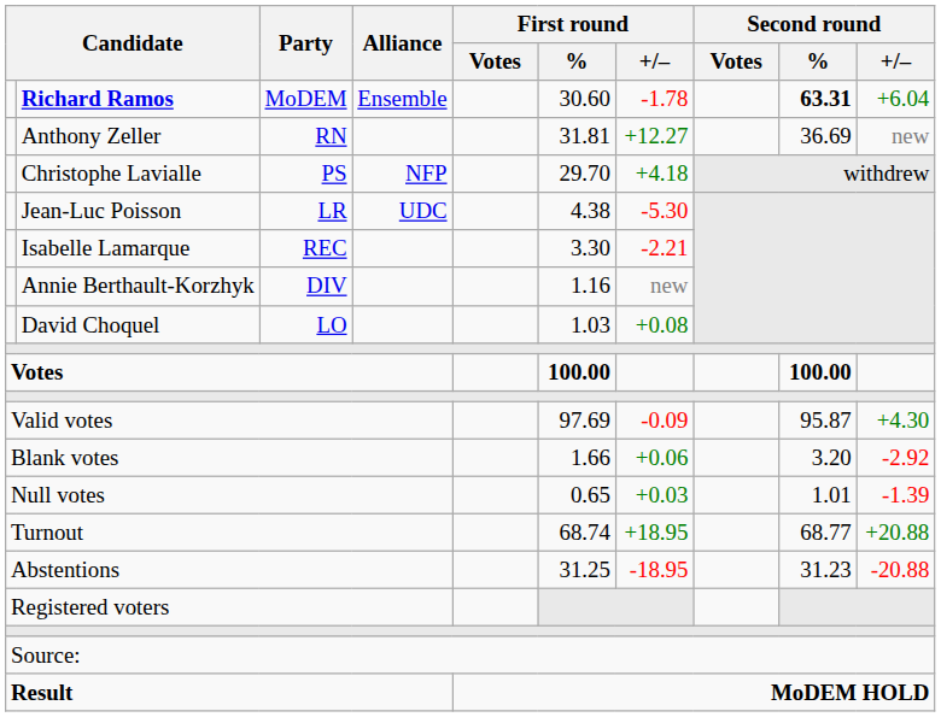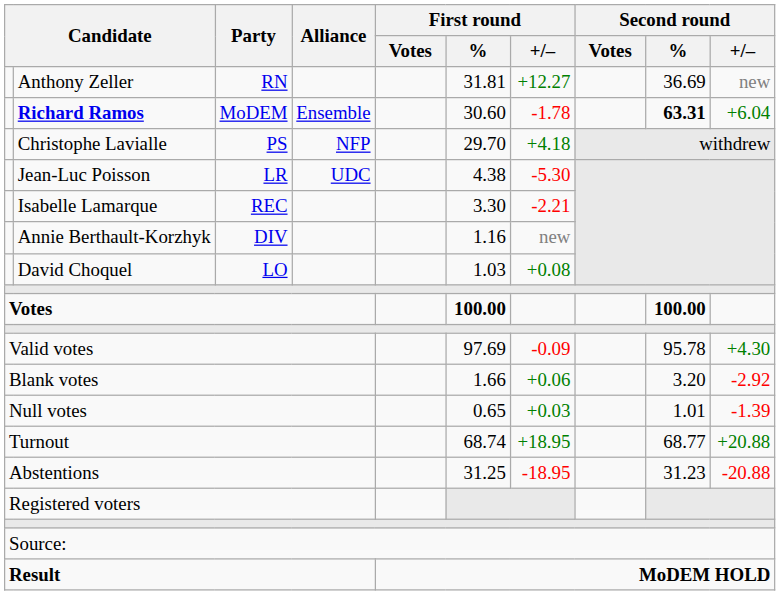 <table class="wikitable" style="text-align:right;font-size:95%;">
 <tr>
 <th rowspan="2" colspan="2">Candidate</th>
 <th colspan="1" rowspan="2">Party</th>
 <th colspan="1" rowspan="2">Alliance</th>
 <th colspan="3">First round</th>
 <th colspan="3">Second round</th>
 </tr>
 <tr>
 <th style="width:50px;">Votes</th>
 <th style="width:45px;">%</th>
 <th style="width:45px;">+/–</th>
 <th style="width:50px;">Votes</th>
 <th style="width:45px;">%</th>
 <th style="width:45px;">+/–</th>
 </tr>
 <tr>
 <td style="color:inherit;background:"></td>
+<td style="text-align:left;">Anthony Zeller</td>
+<td><a href='#'>RN</a></td>
+<td></td>
+<td></td>
+<td>31.81</td>
+<td style="color:green;">+12.27</td>
+<td></td>
+<td>36.69</td>
+<td style="color:grey;">new</td>
+</tr>
+<tr>
+<td style="color:inherit;background:"></td>
 <td style="text-align:left;"><strong><a href='#'>Richard Ramos</a></strong></td>
 <td><a href='#'>MoDEM</a></td>
 <td><a href='#'>Ensemble</a></td>
 <td></td>
 <td>30.60</td>
 <td style="color:red;">-1.78</td>
 <td><strong></strong></td>
 <td><strong>63.31</strong></td>
 <td style="color:green;">+6.04</td>
-</tr>
-<tr>
-<td style="color:inherit;background:"></td>
-<td style="text-align:left;">Anthony Zeller</td>
-<td><a href='#'>RN</a></td>
-<td></td>
-<td></td>
-<td>31.81</td>
-<td style="color:green;">+12.27</td>
-<td></td>
-<td>36.69</td>
-<td style="color:grey;">new</td>
 </tr>
 <tr>
 <td style="color:inherit;background:"></td>
 <td style="text-align:left;">Christophe Lavialle</td>
 <td><a href='#'>PS</a></td>
 <td><a href='#'>NFP</a></td>
 <td></td>
 <td>29.70</td>
 <td style="color:green;">+4.18</td>
 <td colspan="3" style="background:#E9E9E9;">withdrew</td>
 </tr>
 <tr>
 <td style="color:inherit;background:"></td>
 <td style="text-align:left;">Jean-Luc Poisson</td>
 <td><a href='#'>LR</a></td>
 <td><a href='#'>UDC</a></td>
 <td></td>
 <td>4.38</td>
 <td style="color:red;">-5.30</td>
 <td colspan="3" rowspan="4" style="background:#E9E9E9;"></td>
 </tr>
 <tr>
 <td style="color:inherit;background:"></td>
 <td style="text-align:left;">Isabelle Lamarque</td>
 <td><a href='#'>REC</a></td>
 <td></td>
 <td></td>
 <td>3.30</td>
 <td style="color:red;">-2.21</td>
 </tr>
 <tr>
 <td style="color:inherit;background:"></td>
 <td style="text-align:left;">Annie Berthault-Korzhyk</td>
 <td><a href='#'>DIV</a></td>
 <td></td>
 <td></td>
 <td>1.16</td>
 <td style="color:grey;">new</td>
 </tr>
 <tr>
 <td style="color:inherit;background:"></td>
 <td style="text-align:left;">David Choquel</td>
 <td><a href='#'>LO</a></td>
 <td></td>
 <td></td>
 <td>1.03</td>
 <td style="color:green;">+0.08</td>
 </tr>
 <tr>
 <td colspan="10" style="background:#E9E9E9;"></td>
 </tr>
 <tr style="font-weight:bold;">
 <td colspan="4" style="text-align:left;">Votes</td>
 <td></td>
 <td>100.00</td>
 <td></td>
 <td></td>
 <td>100.00</td>
 <td></td>
 </tr>
 <tr>
 <td colspan="10" style="background:#E9E9E9;"></td>
 </tr>
 <tr>
 <td colspan="4" style="text-align:left;">Valid votes</td>
 <td></td>
 <td>97.69</td>
 <td style="color:red;">-0.09</td>
 <td></td>
-<td>95.87</td>
+<td>95.78</td>
 <td style="color:green;">+4.30</td>
 </tr>
 <tr>
 <td colspan="4" style="text-align:left;">Blank votes</td>
 <td></td>
 <td>1.66</td>
 <td style="color:green;">+0.06</td>
 <td></td>
 <td>3.20</td>
 <td style="color:red;">-2.92</td>
 </tr>
 <tr>
 <td colspan="4" style="text-align:left;">Null votes</td>
 <td></td>
 <td>0.65</td>
 <td style="color:green;">+0.03</td>
 <td></td>
 <td>1.01</td>
 <td style="color:red;">-1.39</td>
 </tr>
 <tr>
 <td colspan="4" style="text-align:left;">Turnout</td>
 <td></td>
 <td>68.74</td>
 <td style="color:green;">+18.95</td>
 <td></td>
 <td>68.77</td>
 <td style="color:green;">+20.88</td>
 </tr>
 <tr>
 <td colspan="4" style="text-align:left;">Abstentions</td>
 <td></td>
 <td>31.25</td>
 <td style="color:red;">-18.95</td>
 <td></td>
 <td>31.23</td>
 <td style="color:red;">-20.88</td>
 </tr>
 <tr>
 <td colspan="4" style="text-align:left;">Registered voters</td>
 <td></td>
 <td colspan="2" style="background:#E9E9E9;"></td>
 <td></td>
 <td colspan="2" style="background:#E9E9E9;"></td>
 </tr>
 <tr>
 <td colspan="10" style="background:#E9E9E9;"></td>
 </tr>
 <tr>
 <td colspan="10" style="text-align:left;">Source: </td>
 </tr>
 <tr style="font-weight:bold">
 <td colspan="4" style="text-align:left;">Result</td>
 <td colspan="6" style="background-color:">MoDEM HOLD</td>
 </tr>
 </table>
